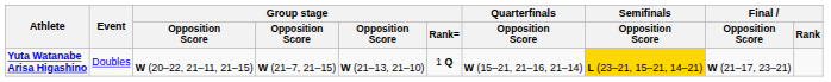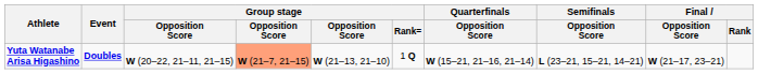 <table class="wikitable" style="font-size:90%; text-align:center">
 <tr>
 <th rowspan="2">Athlete</th>
 <th rowspan="2">Event</th>
 <th colspan="4">Group stage</th>
 <th>Quarterfinals</th>
 <th>Semifinals</th>
 <th colspan="2">Final / </th>
 </tr>
 <tr style="font-size:95%">
 <th>Opposition<br>Score</th>
 <th>Opposition<br>Score</th>
 <th>Opposition<br>Score</th>
 <th>Rank=</th>
 <th>Opposition<br>Score</th>
 <th>Opposition<br>Score</th>
 <th>Opposition<br>Score</th>
 <th>Rank</th>
 </tr>
 <tr>
 <td align="left"><strong><a href='#'>Yuta Watanabe</a><br><a href='#'>Arisa Higashino</a></strong></td>
-<td align="left"><a href='#'>Doubles</a></td>
+<td align="left"><strong><a href='#'>Doubles</a></strong></td>
 <td><br><strong>W</strong> (20–22, 21–11, 21–15)</td>
-<td><br><strong>W</strong> (21–7, 21–15)</td>
+<td style="background: lightsalmon;"><br><strong>W</strong> (21–7, 21–15)</td>
 <td><br><strong>W</strong> (21–13, 21–10)</td>
 <td>1 <strong>Q</strong></td>
 <td><br><strong>W</strong> (15–21, 21–16, 21–14)</td>
-<td style="background: gold;"><br><strong>L</strong> (23–21, 15–21, 14–21)</td>
+<td><br><strong>L</strong> (23–21, 15–21, 14–21)</td>
 <td><br><strong>W</strong> (21–17, 23–21)</td>
 <td></td>
 </tr>
 </table>
